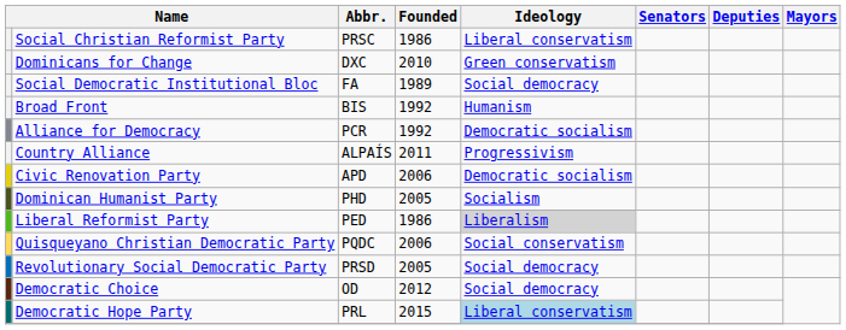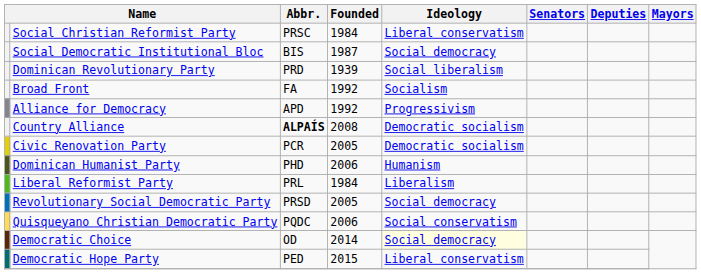 <table class="wikitable sortable">
 <tr>
 <th colspan="2">Name</th>
 <th>Abbr.</th>
 <th>Founded</th>
 <th>Ideology</th>
 <th><a href='#'>Senators</a></th>
 <th><a href='#'>Deputies</a></th>
 <th><a href='#'>Mayors</a></th>
 </tr>
 <tr>
 <th style="background-color: "></th>
 <td><a href='#'>Social Christian Reformist Party</a><br></td>
 <td>PRSC</td>
-<td>1986</td>
+<td>1984</td>
 <td><a href='#'>Liberal conservatism</a></td>
 <td></td>
 <td></td>
 <td></td>
 </tr>
 <tr>
 <th style="background-color: "></th>
-<td><a href='#'>Dominicans for Change</a><br></td>
-<td>DXC</td>
-<td>2010</td>
-<td><a href='#'>Green conservatism</a></td>
-<td></td>
-<td></td>
-<td></td>
-</tr>
-<tr>
-<th style="background-color: "></th>
 <td><a href='#'>Social Democratic Institutional Bloc</a><br></td>
-<td>FA</td>
-<td>1989</td>
+<td>BIS</td>
+<td>1987</td>
 <td><a href='#'>Social democracy</a></td>
 <td></td>
 <td></td>
 <td></td>
 </tr>
 <tr>
 <th style="background-color: "></th>
+<td><a href='#'>Dominican Revolutionary Party</a><br></td>
+<td>PRD</td>
+<td>1939</td>
+<td><a href='#'>Social liberalism</a></td>
+<td></td>
+<td></td>
+<td></td>
+</tr>
+<tr>
+<th style="background-color: "></th>
 <td><a href='#'>Broad Front</a><br></td>
-<td>BIS</td>
+<td>FA</td>
 <td>1992</td>
-<td><a href='#'>Humanism</a></td>
+<td><a href='#'>Socialism</a></td>
 <td></td>
 <td></td>
 <td></td>
 </tr>
 <tr>
 <th style="background-color: #83868f"></th>
 <td><a href='#'>Alliance for Democracy</a><br></td>
-<td>PCR</td>
+<td>APD</td>
 <td>1992</td>
-<td><a href='#'>Democratic socialism</a></td>
+<td><a href='#'>Progressivism</a></td>
 <td></td>
 <td></td>
 <td></td>
 </tr>
 <tr>
 <th style="background-color: "></th>
 <td><a href='#'>Country Alliance</a><br></td>
-<td>ALPAÍS</td>
-<td>2011</td>
-<td><a href='#'>Progressivism</a></td>
+<td><strong>ALPAÍS</strong></td>
+<td>2008</td>
+<td><a href='#'>Democratic socialism</a></td>
 <td></td>
 <td></td>
 <td></td>
 </tr>
 <tr>
 <th style="background-color: #E4D00A"></th>
 <td><a href='#'>Civic Renovation Party</a><br></td>
-<td>APD</td>
-<td>2006</td>
+<td>PCR</td>
+<td>2005</td>
 <td><a href='#'>Democratic socialism</a></td>
 <td></td>
 <td></td>
 <td></td>
 </tr>
 <tr>
 <th style="background-color: #4B5320"></th>
 <td><a href='#'>Dominican Humanist Party</a><br></td>
 <td>PHD</td>
-<td>2005</td>
-<td><a href='#'>Socialism</a></td>
+<td>2006</td>
+<td><a href='#'>Humanism</a></td>
 <td></td>
 <td></td>
 <td></td>
 </tr>
 <tr>
 <th style="background-color: #4cbb17"></th>
 <td><a href='#'>Liberal Reformist Party</a><br></td>
-<td>PED</td>
-<td>1986</td>
-<td style="background: lightgrey;"><a href='#'>Liberalism</a></td>
+<td>PRL</td>
+<td>1984</td>
+<td><a href='#'>Liberalism</a></td>
+<td></td>
+<td></td>
+<td></td>
+</tr>
+<tr>
+<th style="background-color: #0070BB"></th>
+<td><a href='#'>Revolutionary Social Democratic Party</a><br></td>
+<td>PRSD</td>
+<td>2005</td>
+<td><a href='#'>Social democracy</a></td>
 <td></td>
 <td></td>
 <td></td>
 </tr>
 <tr>
 <th style="background-color:#FFDB58"></th>
 <td><a href='#'>Quisqueyano Christian Democratic Party</a><br></td>
 <td>PQDC</td>
 <td>2006</td>
 <td><a href='#'>Social conservatism</a></td>
 <td></td>
 <td></td>
 <td></td>
 </tr>
 <tr>
-<th style="background-color: #0070BB"></th>
-<td><a href='#'>Revolutionary Social Democratic Party</a><br></td>
-<td>PRSD</td>
-<td>2005</td>
-<td><a href='#'>Social democracy</a></td>
-<td></td>
-<td></td>
-<td></td>
-</tr>
-<tr>
 <th style="background-color:#59260B"></th>
 <td><a href='#'>Democratic Choice</a><br></td>
 <td>OD</td>
-<td>2012</td>
-<td><a href='#'>Social democracy</a></td>
+<td>2014</td>
+<td style="background: lightyellow;"><a href='#'>Social democracy</a></td>
 <td></td>
 <td></td>
 </tr>
 <tr>
 <th style="background-color:#006D6F"></th>
 <td><a href='#'>Democratic Hope Party</a><br></td>
-<td>PRL</td>
+<td>PED</td>
 <td>2015</td>
-<td style="background: lightblue;"><a href='#'>Liberal conservatism</a></td>
+<td><a href='#'>Liberal conservatism</a></td>
 <td></td>
 <td></td>
 </tr>
 <tr>
 </tr>
 </table>
